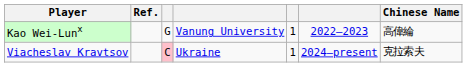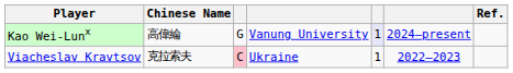 <table class="wikitable sortable" style="font-size:95%; text-align:left;">
 <tr>
 <th>Player</th>
-<th>Ref.</th>
+<th>Chinese Name</th>
 <th></th>
 <th></th>
 <th></th>
 <th></th>
-<th>Chinese Name</th>
+<th>Ref.</th>
 </tr>
 <tr>
 <td bgcolor="#CCFFCC">Kao Wei-Lun<sup>x</sup></td>
-<td></td>
+<td>高偉綸</td>
 <td align="center">G</td>
 <td><a href='#'>Vanung University</a></td>
-<td align="center">1</td>
-<td align="center"><a href='#'>2022–2023</a></td>
-<td>高偉綸</td>
+<td align="center" style="background: lavender;">1</td>
+<td align="center"><a href='#'>2024–present</a></td>
+<td></td>
 </tr>
 <tr>
 <td><a href='#'>Viacheslav Kravtsov</a></td>
-<td></td>
+<td>克拉索夫</td>
 <td align="center" style="background: pink;">C</td>
 <td><a href='#'>Ukraine</a></td>
 <td align="center">1</td>
-<td align="center"><a href='#'>2024–present</a></td>
-<td>克拉索夫</td>
+<td align="center"><a href='#'>2022–2023</a></td>
+<td></td>
 </tr>
 </table>
